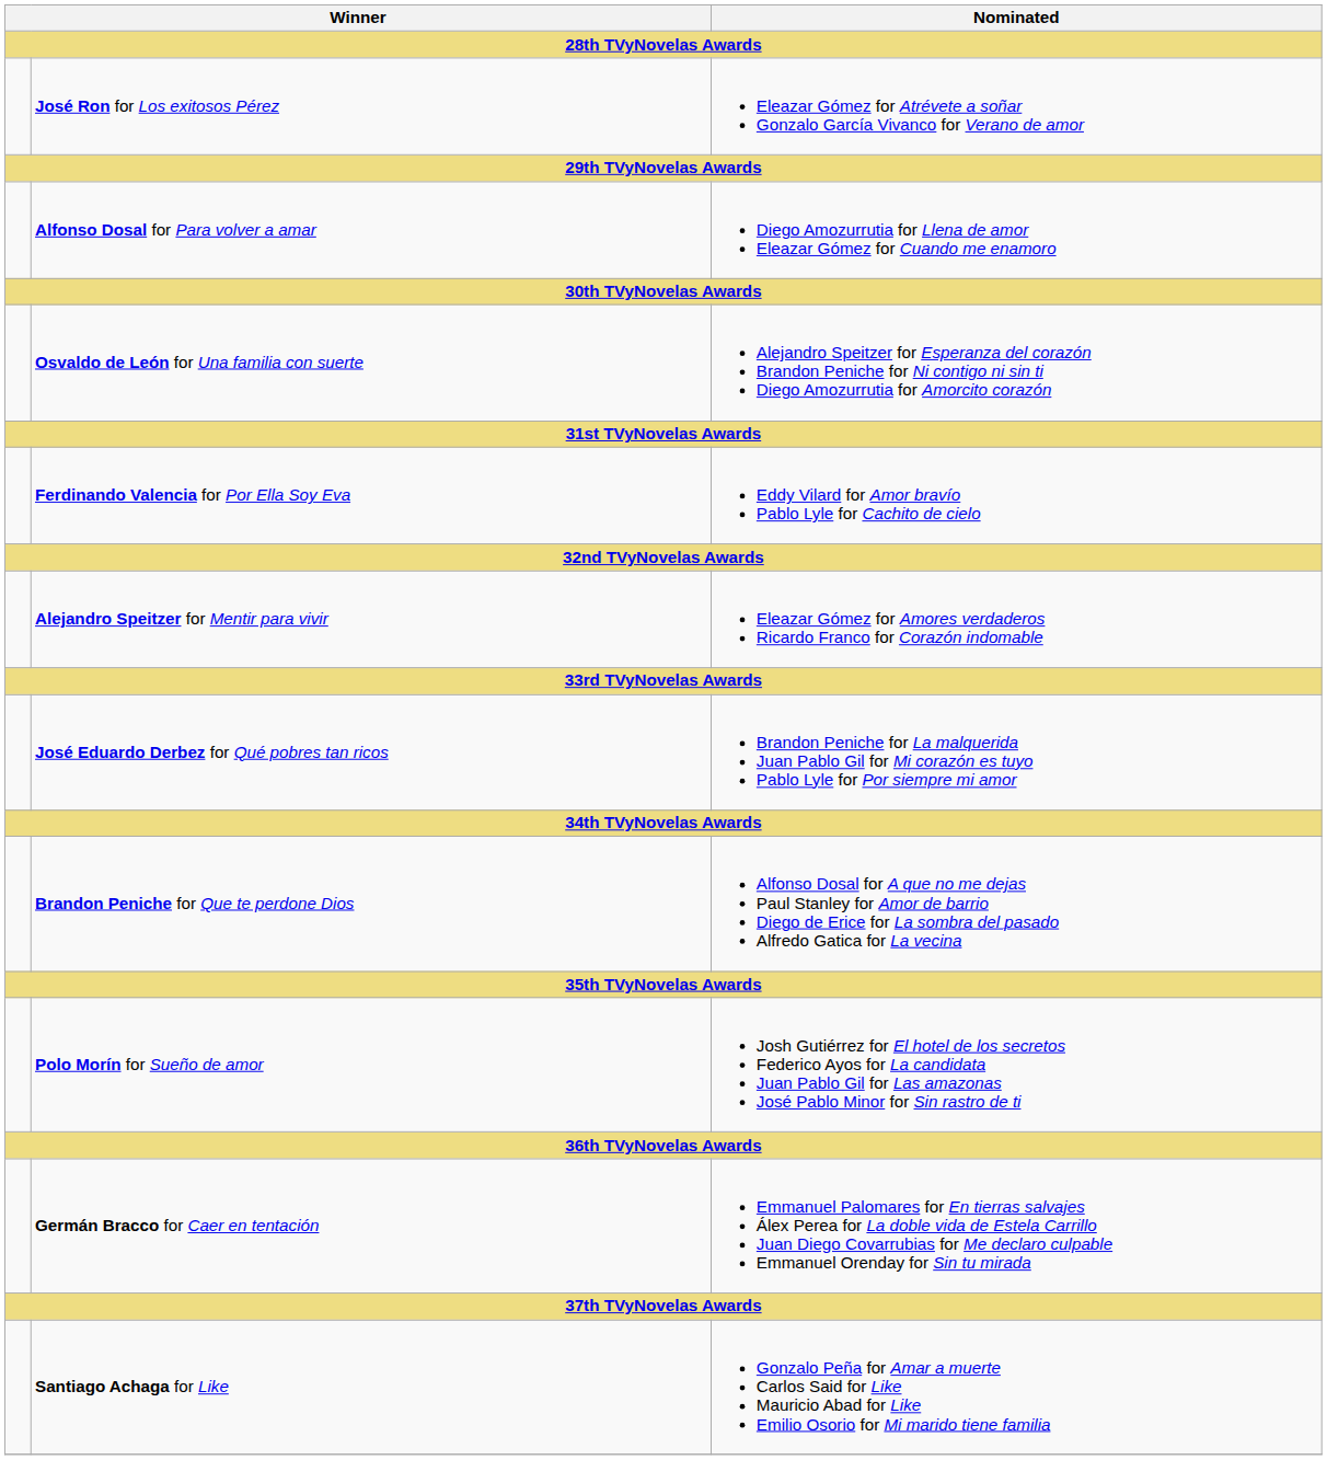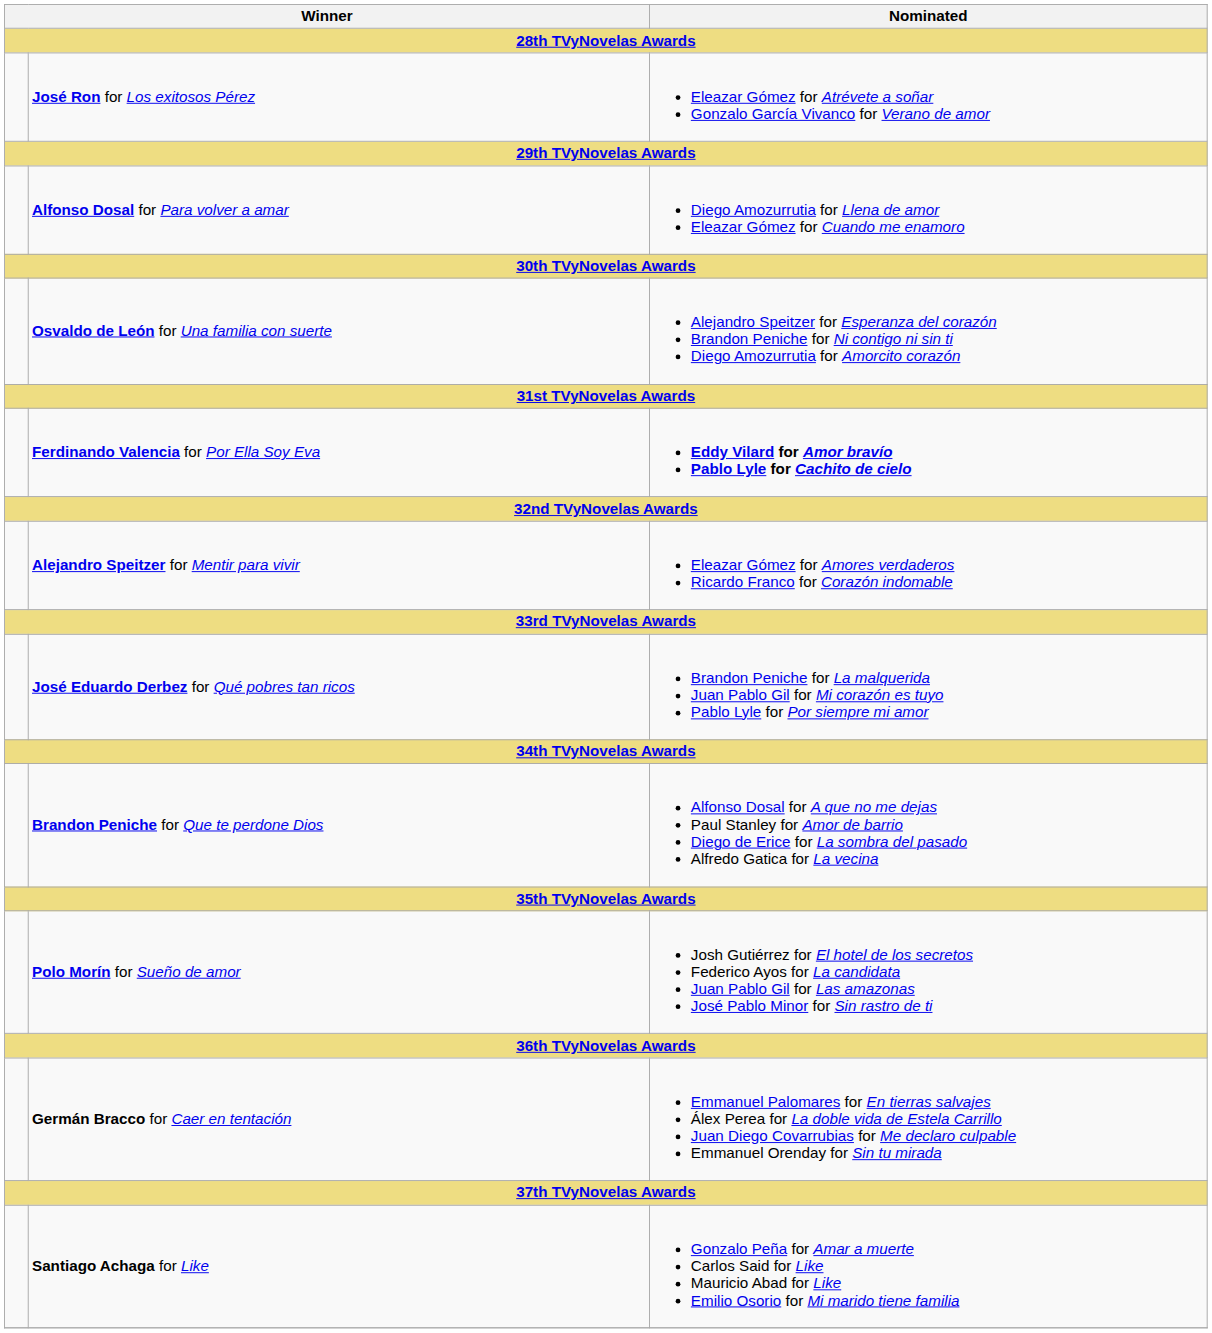 <table class="wikitable" width=80%>
 <tr align=center>
 <th width="150px;" colspan=2; align="center">Winner</th>
 <th width="580px;" align="center">Nominated</th>
 </tr>
 <tr>
 <th colspan=9 style="background:#EEDD82;"  align="center"><strong><a href='#'>28th TVyNovelas Awards</a></strong></th>
 </tr>
 <tr>
 <td width=2%></td>
 <td><strong><a href='#'>José Ron</a></strong> for <em><a href='#'>Los exitosos Pérez</a></em></td>
 <td><br><ul><li><a href='#'>Eleazar Gómez</a> for <em><a href='#'>Atrévete a soñar</a></em></li><li><a href='#'>Gonzalo García Vivanco</a> for <em><a href='#'>Verano de amor</a></em></li></ul></td>
 </tr>
 <tr>
 <th colspan=9 style="background:#EEDD82;"  align="center"><strong><a href='#'>29th TVyNovelas Awards</a></strong></th>
 </tr>
 <tr>
 <td width=2%></td>
 <td><strong><a href='#'>Alfonso Dosal</a></strong> for <em><a href='#'>Para volver a amar</a></em></td>
 <td><br><ul><li><a href='#'>Diego Amozurrutia</a> for <em><a href='#'>Llena de amor</a></em></li><li><a href='#'>Eleazar Gómez</a> for <em><a href='#'>Cuando me enamoro</a></em></li></ul></td>
 </tr>
 <tr>
 <th colspan=9 style="background:#EEDD82;"  align="center"><strong><a href='#'>30th TVyNovelas Awards</a></strong></th>
 </tr>
 <tr>
 <td width=2%></td>
 <td><strong><a href='#'>Osvaldo de León</a></strong> for <em><a href='#'>Una familia con suerte</a></em></td>
 <td><br><ul><li><a href='#'>Alejandro Speitzer</a> for <em><a href='#'>Esperanza del corazón</a></em></li><li><a href='#'>Brandon Peniche</a> for <em><a href='#'>Ni contigo ni sin ti</a></em></li><li><a href='#'>Diego Amozurrutia</a> for <em><a href='#'>Amorcito corazón</a></em></li></ul></td>
 </tr>
 <tr>
 <th colspan=9 style="background:#EEDD82;"  align="center"><strong><a href='#'>31st TVyNovelas Awards</a></strong></th>
 </tr>
 <tr>
 <td width=2%></td>
 <td><strong><a href='#'>Ferdinando Valencia</a></strong> for <em><a href='#'>Por Ella Soy Eva</a></em></td>
-<td><br><ul><li><a href='#'>Eddy Vilard</a> for <em><a href='#'>Amor bravío</a></em></li><li><a href='#'>Pablo Lyle</a> for <em><a href='#'>Cachito de cielo</a></em></li></ul></td>
+<td><strong><br><ul><li><a href='#'>Eddy Vilard</a> for <em><a href='#'>Amor bravío</a></em></li><li><a href='#'>Pablo Lyle</a> for <em><a href='#'>Cachito de cielo</a></em></li></ul></strong></td>
 </tr>
 <tr>
 <th colspan=9 style="background:#EEDD82;"  align="center"><strong><a href='#'>32nd TVyNovelas Awards</a></strong></th>
 </tr>
 <tr>
 <td width=2%></td>
 <td><strong><a href='#'>Alejandro Speitzer</a></strong> for <em><a href='#'>Mentir para vivir</a></em></td>
 <td><br><ul><li><a href='#'>Eleazar Gómez</a> for <em><a href='#'>Amores verdaderos</a></em></li><li><a href='#'>Ricardo Franco</a> for <em><a href='#'>Corazón indomable</a></em></li></ul></td>
 </tr>
 <tr>
 <th colspan=9 style="background:#EEDD82;"  align="center"><strong><a href='#'>33rd TVyNovelas Awards</a></strong></th>
 </tr>
 <tr>
 <td width=2%></td>
 <td><strong><a href='#'>José Eduardo Derbez</a></strong> for <em><a href='#'>Qué pobres tan ricos</a></em></td>
 <td><br><ul><li><a href='#'>Brandon Peniche</a> for <em><a href='#'>La malquerida</a></em></li><li><a href='#'>Juan Pablo Gil</a> for <em><a href='#'>Mi corazón es tuyo</a></em></li><li><a href='#'>Pablo Lyle</a> for <em><a href='#'>Por siempre mi amor</a></em></li></ul></td>
 </tr>
 <tr>
 <th colspan=9 style="background:#EEDD82;"  align="center"><strong><a href='#'>34th TVyNovelas Awards</a></strong></th>
 </tr>
 <tr>
 <td width=2%></td>
 <td><strong><a href='#'>Brandon Peniche</a></strong> for <em><a href='#'>Que te perdone Dios</a></em></td>
 <td><br><ul><li><a href='#'>Alfonso Dosal</a> for <em><a href='#'>A que no me dejas</a></em></li><li>Paul Stanley for <em><a href='#'>Amor de barrio</a></em></li><li><a href='#'>Diego de Erice</a> for <em><a href='#'>La sombra del pasado</a></em></li><li>Alfredo Gatica for <em><a href='#'>La vecina</a></em></li></ul></td>
 </tr>
 <tr>
 <th colspan=9 style="background:#EEDD82;"  align="center"><strong><a href='#'>35th TVyNovelas Awards</a></strong></th>
 </tr>
 <tr>
 <td width=2%></td>
 <td><strong><a href='#'>Polo Morín</a></strong> for <em><a href='#'>Sueño de amor</a></em></td>
 <td><br><ul><li>Josh Gutiérrez for <em><a href='#'>El hotel de los secretos</a></em></li><li>Federico Ayos for <em><a href='#'>La candidata</a></em></li><li><a href='#'>Juan Pablo Gil</a> for <em><a href='#'>Las amazonas</a></em></li><li><a href='#'>José Pablo Minor</a> for <em><a href='#'>Sin rastro de ti</a></em></li></ul></td>
 </tr>
 <tr>
 <th colspan=9 style="background:#EEDD82;"  align="center"><strong><a href='#'>36th TVyNovelas Awards</a></strong></th>
 </tr>
 <tr>
 <td width=2%></td>
 <td><strong>Germán Bracco</strong> for <em><a href='#'>Caer en tentación</a></em></td>
 <td><br><ul><li><a href='#'>Emmanuel Palomares</a> for <em><a href='#'>En tierras salvajes</a></em></li><li>Álex Perea for <em><a href='#'>La doble vida de Estela Carrillo</a></em></li><li><a href='#'>Juan Diego Covarrubias</a> for <em><a href='#'>Me declaro culpable</a></em></li><li>Emmanuel Orenday for <em><a href='#'>Sin tu mirada</a></em></li></ul></td>
 </tr>
 <tr>
 <th colspan=9 style="background:#EEDD82;"  align="center"><strong><a href='#'>37th TVyNovelas Awards</a></strong></th>
 </tr>
 <tr>
 <td width=2%></td>
 <td><strong>Santiago Achaga</strong> for <em><a href='#'>Like</a></em></td>
 <td><br><ul><li><a href='#'>Gonzalo Peña</a> for <em><a href='#'>Amar a muerte</a></em></li><li>Carlos Said for <em><a href='#'>Like</a></em></li><li>Mauricio Abad for <em><a href='#'>Like</a></em></li><li><a href='#'>Emilio Osorio</a> for <em><a href='#'>Mi marido tiene familia</a></em></li></ul></td>
 </tr>
 <tr>
 </tr>
 </table>
